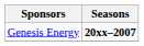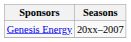 <table class="wikitable collapsible">
 <tr>
 <th>Sponsors</th>
 <th>Seasons</th>
 </tr>
 <tr>
 <td><a href='#'>Genesis Energy</a></td>
-<td><strong>20xx–2007</strong></td>
+<td>20xx–2007</td>
 </tr>
 <tr>
 </tr>
 </table>
